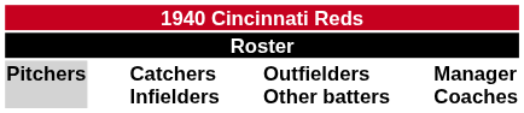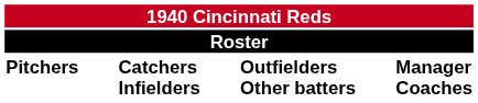 <table class="toccolours" style="font-size: 95%;">
 <tr>
 <th colspan="10" style="background-color: #c6011f; color: white; text-align: center;">1940 Cincinnati Reds</th>
 </tr>
 <tr>
 <td colspan="10" style="background-color: black; color: white; text-align: center;"><strong>Roster</strong></td>
 </tr>
 <tr>
-<td valign="top" style="background: lightgrey;"><strong>Pitchers</strong><br>           </td>
+<td valign="top"><strong>Pitchers</strong><br>           </td>
 <td width="25px"></td>
 <td valign="top"><strong>Catchers</strong><br>     <strong>Infielders</strong>      </td>
 <td width="25px"></td>
 <td valign="top"><strong>Outfielders</strong><br>         <strong>Other batters</strong> </td>
 <td width="25px"></td>
 <td valign="top"><strong>Manager</strong><br> <strong>Coaches</strong>  </td>
 </tr>
 </table>
